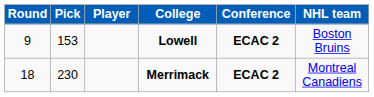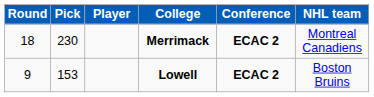 <table class="wikitable sortable" width="75%">
 <tr>
 <th style="color:white; background-color:#005EB8; width: 4em;">Round</th>
 <th style="color:white; background-color:#005EB8; width: 4em;">Pick</th>
 <th style="color:white; background-color:#005EB8; width: 12em;">Player</th>
 <th style="color:white; background-color:#005EB8; width: 13em;">College</th>
 <th style="color:white; background-color:#005EB8; width: 9em;">Conference</th>
 <th style="color:white; background-color:#005EB8; width: 11em;">NHL team</th>
 </tr>
 <tr align="center" bgcolor="">
+<td>18</td>
+<td>230</td>
+<td></td>
+<td><strong>Merrimack</strong></td>
+<td><strong>ECAC 2</strong></td>
+<td><a href='#'>Montreal Canadiens</a></td>
+</tr>
+<tr align="center" bgcolor="">
 <td>9</td>
 <td>153</td>
 <td></td>
 <td><strong>Lowell</strong></td>
 <td><strong>ECAC 2</strong></td>
 <td><a href='#'>Boston Bruins</a></td>
 </tr>
-<tr align="center" bgcolor="">
-<td>18</td>
-<td>230</td>
-<td></td>
-<td><strong>Merrimack</strong></td>
-<td><strong>ECAC 2</strong></td>
-<td><a href='#'>Montreal Canadiens</a></td>
-</tr>
 </table>
